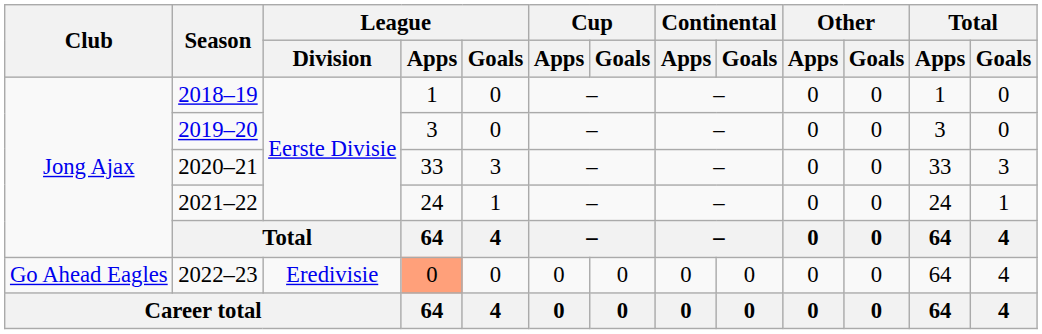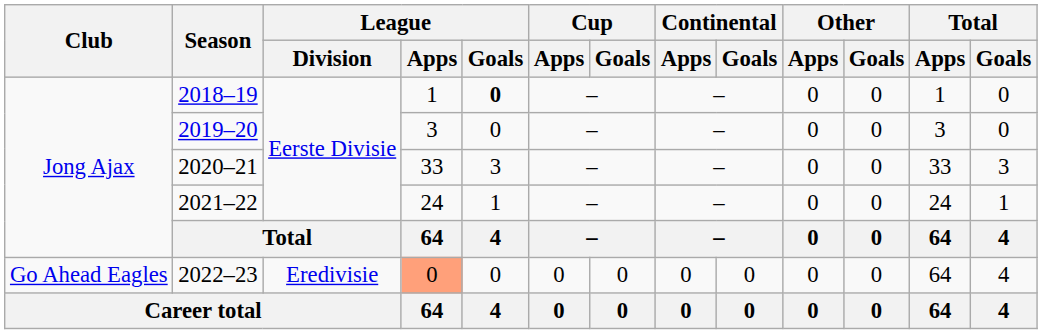 <table class="wikitable" style="text-align:center">
 <tr>
 <th rowspan="2">Club</th>
 <th rowspan="2">Season</th>
 <th colspan="3">League</th>
 <th colspan="2">Cup</th>
 <th colspan="2">Continental</th>
 <th colspan="2">Other</th>
 <th colspan="2">Total</th>
 </tr>
 <tr>
 <th>Division</th>
 <th>Apps</th>
 <th>Goals</th>
 <th>Apps</th>
 <th>Goals</th>
 <th>Apps</th>
 <th>Goals</th>
 <th>Apps</th>
 <th>Goals</th>
 <th>Apps</th>
 <th>Goals</th>
 </tr>
 <tr>
 <td rowspan="5"><a href='#'>Jong Ajax</a></td>
 <td><a href='#'>2018–19</a></td>
 <td rowspan="4"><a href='#'>Eerste Divisie</a></td>
 <td>1</td>
-<td>0</td>
+<td><strong>0</strong></td>
 <td colspan="2">–</td>
 <td colspan="2">–</td>
 <td>0</td>
 <td>0</td>
 <td>1</td>
 <td>0</td>
 </tr>
 <tr>
 <td><a href='#'>2019–20</a></td>
 <td>3</td>
 <td>0</td>
 <td colspan="2">–</td>
 <td colspan="2">–</td>
 <td>0</td>
 <td>0</td>
 <td>3</td>
 <td>0</td>
 </tr>
 <tr>
 <td>2020–21</td>
 <td>33</td>
 <td>3</td>
 <td colspan="2">–</td>
 <td colspan="2">–</td>
 <td>0</td>
 <td>0</td>
 <td>33</td>
 <td>3</td>
 </tr>
 <tr>
 <td>2021–22</td>
 <td>24</td>
 <td>1</td>
 <td colspan="2">–</td>
 <td colspan="2">–</td>
 <td>0</td>
 <td>0</td>
 <td>24</td>
 <td>1</td>
 </tr>
 <tr>
 <th colspan="2">Total</th>
 <th>64</th>
 <th>4</th>
 <th colspan="2">–</th>
 <th colspan="2">–</th>
 <th>0</th>
 <th>0</th>
 <th>64</th>
 <th>4</th>
 </tr>
 <tr>
 <td><a href='#'>Go Ahead Eagles</a></td>
 <td>2022–23</td>
 <td><a href='#'>Eredivisie</a></td>
 <td style="background: lightsalmon;">0</td>
 <td>0</td>
 <td>0</td>
 <td>0</td>
 <td>0</td>
 <td>0</td>
 <td>0</td>
 <td>0</td>
 <td>64</td>
 <td>4</td>
 </tr>
 <tr>
 <th colspan="3">Career total</th>
 <th>64</th>
 <th>4</th>
 <th>0</th>
 <th>0</th>
 <th>0</th>
 <th>0</th>
 <th>0</th>
 <th>0</th>
 <th>64</th>
 <th>4</th>
 </tr>
 </table>
